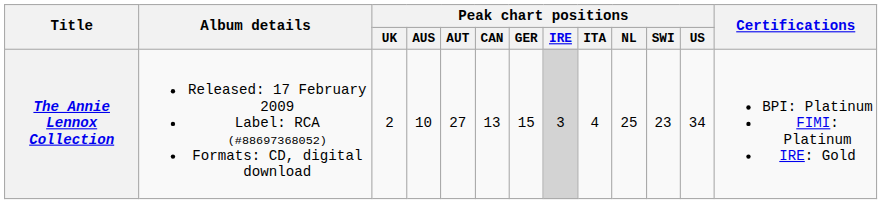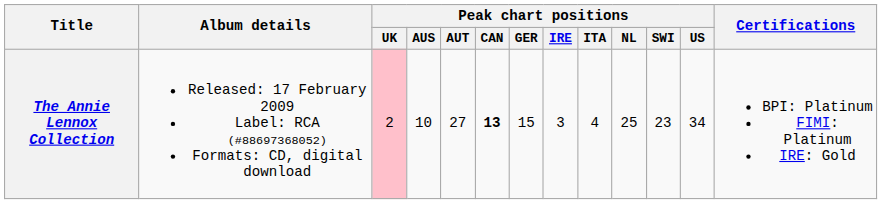 <table class="wikitable plainrowheaders" style="text-align:center;" border="1">
 <tr>
 <th scope="col" rowspan="2" style="width:9em;">Title</th>
 <th scope="col" rowspan="2" style="width:16em;">Album details</th>
 <th scope="col" colspan="10">Peak chart positions</th>
 <th scope="col" rowspan="2" style="width:11em;"><a href='#'>Certifications</a></th>
 </tr>
 <tr>
 <th scope="col" style="width:2.2em;font-size:90%;">UK<br></th>
 <th scope="col" style="width:2.2em;font-size:90%;">AUS<br></th>
 <th scope="col" style="width:2.2em;font-size:90%;">AUT<br></th>
 <th scope="col" style="width:2.2em;font-size:90%;">CAN<br></th>
 <th scope="col" style="width:2.2em;font-size:90%;">GER<br></th>
 <th scope="col" style="width:2.2em;font-size:90%;"><a href='#'>IRE</a><br></th>
 <th scope="col" style="width:2.2em;font-size:90%;">ITA<br></th>
 <th scope="col" style="width:2.2em;font-size:90%;">NL<br></th>
 <th scope="col" style="width:2.2em;font-size:90%;">SWI<br></th>
 <th scope="col" style="width:2.2em;font-size:90%;">US<br></th>
 </tr>
 <tr>
 <th scope="row"><em><a href='#'>The Annie Lennox Collection</a></em></th>
 <td><br><ul><li>Released: 17 February 2009</li><li>Label: RCA <small>(#88697368052)</small></li><li>Formats: CD, digital download</li></ul></td>
-<td>2</td>
+<td style="background: pink;">2</td>
 <td>10</td>
 <td>27</td>
-<td>13</td>
+<td><strong>13</strong></td>
 <td>15</td>
-<td style="background: lightgrey;">3</td>
+<td>3</td>
 <td>4</td>
 <td>25</td>
 <td>23</td>
 <td>34</td>
 <td><br><ul><li>BPI: Platinum</li><li><a href='#'>FIMI</a>: Platinum</li><li><a href='#'>IRE</a>: Gold</li></ul></td>
 </tr>
 </table>
